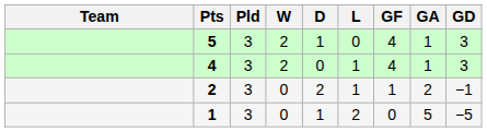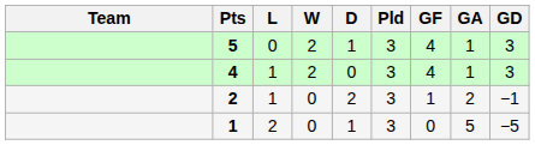 <table class="wikitable">
 <tr>
 <th width=189>Team</th>
 <th width=30>Pts</th>
-<th width=30>Pld</th>
+<th width=30>L</th>
 <th width=30>W</th>
 <th width=30>D</th>
-<th width=30>L</th>
+<th width=30>Pld</th>
 <th width=30>GF</th>
 <th width=30>GA</th>
 <th width=30>GD</th>
 </tr>
 <tr style="text-align:center; background:#cfc;">
 <td style="text-align:left;"></td>
 <td><strong>5</strong></td>
-<td>3</td>
+<td>0</td>
 <td>2</td>
 <td>1</td>
-<td>0</td>
+<td>3</td>
 <td>4</td>
 <td>1</td>
 <td>3</td>
 </tr>
 <tr style="text-align:center; background:#cfc;">
 <td style="text-align:left;"></td>
 <td><strong>4</strong></td>
-<td>3</td>
+<td>1</td>
 <td>2</td>
 <td>0</td>
-<td>1</td>
+<td>3</td>
 <td>4</td>
 <td>1</td>
 <td>3</td>
 </tr>
 <tr style="text-align:center; background:#f5f5f5;">
 <td style="text-align:left;"></td>
 <td><strong>2</strong></td>
-<td>3</td>
+<td>1</td>
 <td>0</td>
 <td>2</td>
-<td>1</td>
+<td>3</td>
 <td>1</td>
 <td>2</td>
 <td>−1</td>
 </tr>
 <tr style="text-align:center; background:#f5f5f5;">
 <td style="text-align:left;"></td>
 <td><strong>1</strong></td>
-<td>3</td>
+<td>2</td>
 <td>0</td>
 <td>1</td>
-<td>2</td>
+<td>3</td>
 <td>0</td>
 <td>5</td>
 <td>−5</td>
 </tr>
 </table>
